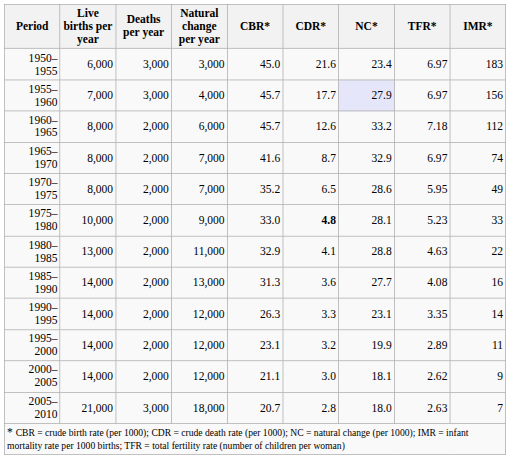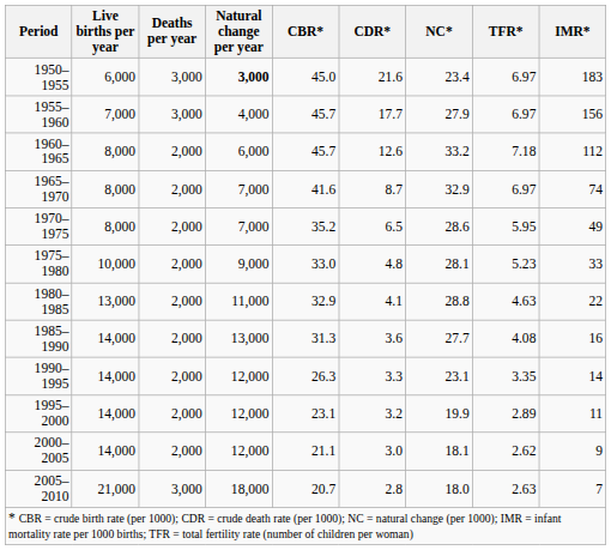 <table class="wikitable" style="text-align: right;">
 <tr>
 <th width="70pt">Period</th>
 <th width="70pt">Live births per year</th>
 <th width="70pt">Deaths per year</th>
 <th width="70pt">Natural change per year</th>
 <th width="70pt">CBR*</th>
 <th width="70pt">CDR*</th>
 <th width="70pt">NC*</th>
 <th width="70pt">TFR*</th>
 <th width="70pt">IMR*</th>
 </tr>
 <tr>
 <td>1950–1955</td>
 <td>6,000</td>
 <td>3,000</td>
-<td>3,000</td>
+<td><strong>3,000</strong></td>
 <td>45.0</td>
 <td>21.6</td>
 <td>23.4</td>
 <td>6.97</td>
 <td>183</td>
 </tr>
 <tr>
 <td>1955–1960</td>
 <td>7,000</td>
 <td>3,000</td>
 <td>4,000</td>
 <td>45.7</td>
 <td>17.7</td>
-<td style="background: lavender;">27.9</td>
+<td>27.9</td>
 <td>6.97</td>
 <td>156</td>
 </tr>
 <tr>
 <td>1960–1965</td>
 <td>8,000</td>
 <td>2,000</td>
 <td>6,000</td>
 <td>45.7</td>
 <td>12.6</td>
 <td>33.2</td>
 <td>7.18</td>
 <td>112</td>
 </tr>
 <tr>
 <td>1965–1970</td>
 <td>8,000</td>
 <td>2,000</td>
 <td>7,000</td>
 <td>41.6</td>
 <td>8.7</td>
 <td>32.9</td>
 <td>6.97</td>
 <td>74</td>
 </tr>
 <tr>
 <td>1970–1975</td>
 <td>8,000</td>
 <td>2,000</td>
 <td>7,000</td>
 <td>35.2</td>
 <td>6.5</td>
 <td>28.6</td>
 <td>5.95</td>
 <td>49</td>
 </tr>
 <tr>
 <td>1975–1980</td>
 <td>10,000</td>
 <td>2,000</td>
 <td>9,000</td>
 <td>33.0</td>
-<td><strong>4.8</strong></td>
+<td>4.8</td>
 <td>28.1</td>
 <td>5.23</td>
 <td>33</td>
 </tr>
 <tr>
 <td>1980–1985</td>
 <td>13,000</td>
 <td>2,000</td>
 <td>11,000</td>
 <td>32.9</td>
 <td>4.1</td>
 <td>28.8</td>
 <td>4.63</td>
 <td>22</td>
 </tr>
 <tr>
 <td>1985–1990</td>
 <td>14,000</td>
 <td>2,000</td>
 <td>13,000</td>
 <td>31.3</td>
 <td>3.6</td>
 <td>27.7</td>
 <td>4.08</td>
 <td>16</td>
 </tr>
 <tr>
 <td>1990–1995</td>
 <td>14,000</td>
 <td>2,000</td>
 <td>12,000</td>
 <td>26.3</td>
 <td>3.3</td>
 <td>23.1</td>
 <td>3.35</td>
 <td>14</td>
 </tr>
 <tr>
 <td>1995–2000</td>
 <td>14,000</td>
 <td>2,000</td>
 <td>12,000</td>
 <td>23.1</td>
 <td>3.2</td>
 <td>19.9</td>
 <td>2.89</td>
 <td>11</td>
 </tr>
 <tr>
 <td>2000–2005</td>
 <td>14,000</td>
 <td>2,000</td>
 <td>12,000</td>
 <td>21.1</td>
 <td>3.0</td>
 <td>18.1</td>
 <td>2.62</td>
 <td>9</td>
 </tr>
 <tr>
 <td>2005–2010</td>
 <td>21,000</td>
 <td>3,000</td>
 <td>18,000</td>
 <td>20.7</td>
 <td>2.8</td>
 <td>18.0</td>
 <td>2.63</td>
 <td>7</td>
 </tr>
 <tr>
 <td align="left" colspan="9">* <small> CBR = crude birth rate (per 1000); CDR = crude death rate (per 1000); NC = natural change (per 1000); IMR = infant mortality rate per 1000 births; TFR = total fertility rate (number of children per woman)</small></td>
 </tr>
 </table>
